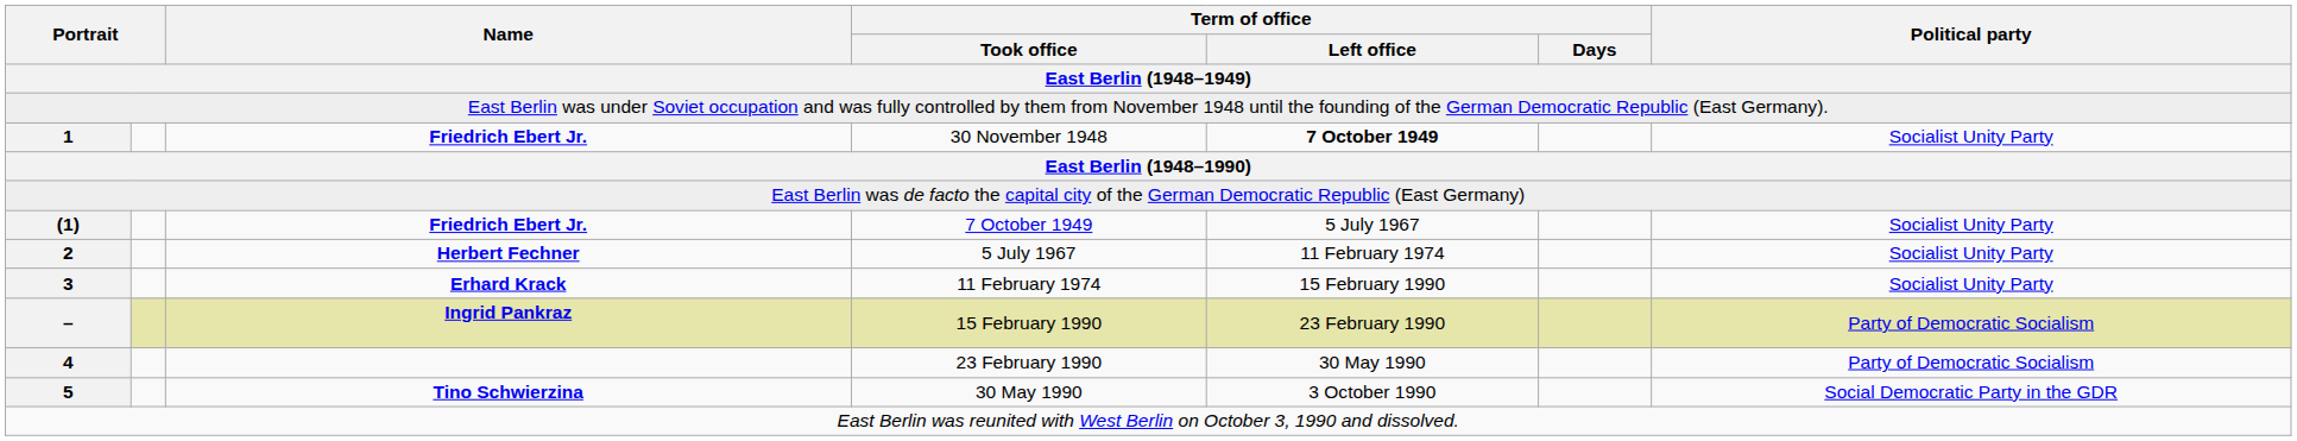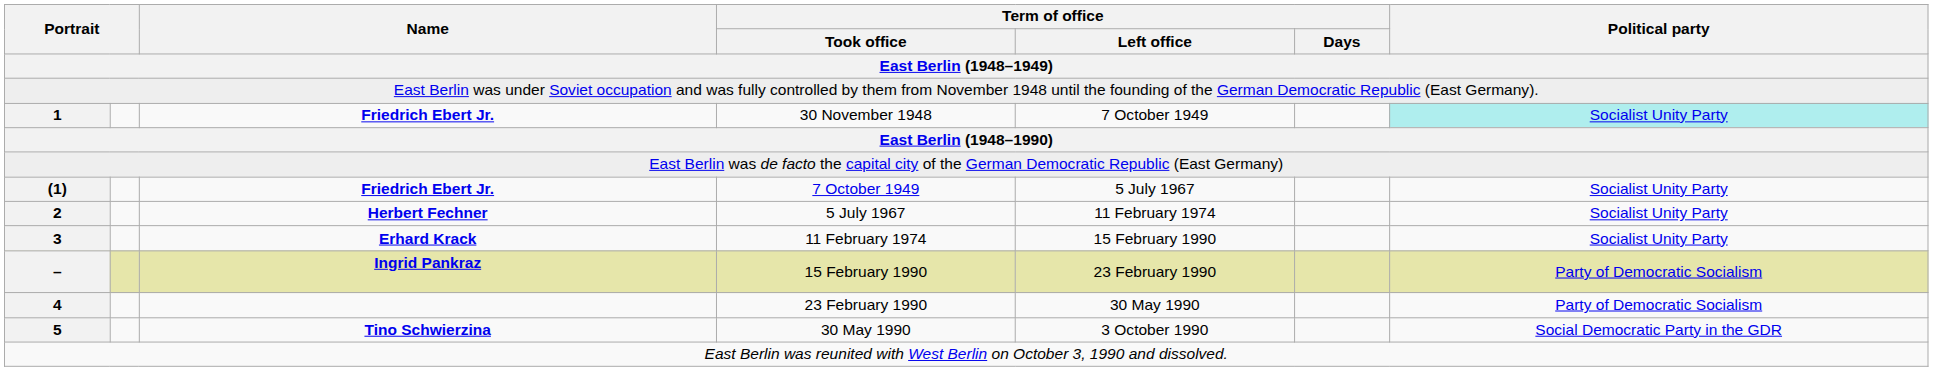 <table class="wikitable" style="text-align:center; width:100%; border:1px #AAAAFF solid">
 <tr>
 <th width=80px rowspan=2 colspan=2>Portrait</th>
 <th width=30% rowspan=2>Name<br></th>
 <th width=35% colspan=3>Term of office</th>
 <th width=28% rowspan=2>Political party</th>
 </tr>
 <tr>
 <th>Took office</th>
 <th>Left office</th>
 <th>Days</th>
 </tr>
 <tr>
 <th colspan="7"><a href='#'>East Berlin</a> (1948–1949)</th>
 </tr>
 <tr>
 <td bgcolor=#EEEEEE colspan=7><a href='#'>East Berlin</a> was under <a href='#'>Soviet occupation</a> and was fully controlled by them from November 1948 until the founding of the <a href='#'>German Democratic Republic</a> (East Germany).</td>
 </tr>
 <tr>
 <th style="background:">1</th>
 <td></td>
 <td><strong><a href='#'>Friedrich Ebert Jr.</a></strong><br></td>
 <td>30 November 1948</td>
-<td><strong>7 October 1949</strong></td>
+<td>7 October 1949</td>
 <td></td>
-<td><a href='#'>Socialist Unity Party</a></td>
+<td style="background: paleturquoise;"><a href='#'>Socialist Unity Party</a></td>
 </tr>
 <tr>
 <th colspan="7"><a href='#'>East Berlin</a> (1948–1990)</th>
 </tr>
 <tr>
 <td bgcolor=#EEEEEE colspan=7><a href='#'>East Berlin</a> was <em>de facto</em> the <a href='#'>capital city</a>  of the <a href='#'>German Democratic Republic</a> (East Germany)</td>
 </tr>
 <tr>
 <th style="background:">(1)</th>
 <td></td>
 <td><strong><a href='#'>Friedrich Ebert Jr.</a></strong><br></td>
 <td><a href='#'>7 October 1949</a></td>
 <td>5 July 1967</td>
 <td></td>
 <td><a href='#'>Socialist Unity Party</a></td>
 </tr>
 <tr>
 <th style="background:">2</th>
 <td></td>
 <td><strong><a href='#'>Herbert Fechner</a></strong><br></td>
 <td>5 July 1967</td>
 <td>11 February 1974</td>
 <td></td>
 <td><a href='#'>Socialist Unity Party</a></td>
 </tr>
 <tr>
 <th style="background:">3</th>
 <td></td>
 <td><strong><a href='#'>Erhard Krack</a></strong><br></td>
 <td>11 February 1974</td>
 <td>15 February 1990</td>
 <td></td>
 <td><a href='#'>Socialist Unity Party</a></td>
 </tr>
 <tr style="background-color: #E6E6AA" |>
 <th style="background:">–</th>
 <td></td>
 <td><strong><a href='#'>Ingrid Pankraz</a></strong><br><br></td>
 <td>15 February 1990</td>
 <td>23 February 1990</td>
 <td></td>
 <td><a href='#'>Party of Democratic Socialism</a></td>
 </tr>
 <tr>
 <th style="background:">4</th>
 <td></td>
 <td><strong></strong><br></td>
 <td>23 February 1990</td>
 <td>30 May 1990</td>
 <td></td>
 <td><a href='#'>Party of Democratic Socialism</a></td>
 </tr>
 <tr>
 <th style="background:">5</th>
 <td></td>
 <td><strong><a href='#'>Tino Schwierzina</a></strong><br></td>
 <td>30 May 1990</td>
 <td>3 October 1990</td>
 <td></td>
 <td><a href='#'>Social Democratic Party in the GDR</a></td>
 </tr>
 <tr>
 <td colspan="7"><em>East Berlin was reunited with <a href='#'>West Berlin</a> on October 3, 1990 and dissolved.</em></td>
 </tr>
 </table>
